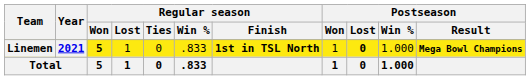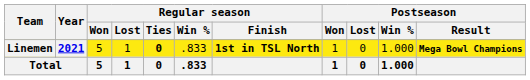 <table class="wikitable" style="font-size: 95%; text-align:center;">
 <tr>
 <th rowspan="2">Team</th>
 <th rowspan="2">Year</th>
 <th colspan="5">Regular season</th>
 <th colspan="4">Postseason</th>
 </tr>
 <tr>
 <th>Won</th>
 <th>Lost</th>
 <th>Ties</th>
 <th>Win %</th>
 <th>Finish</th>
 <th>Won</th>
 <th>Lost</th>
 <th>Win %</th>
 <th>Result</th>
 </tr>
 <tr ! style="background:#FDE910;">
 <th>Linemen</th>
 <th><a href='#'>2021</a></th>
-<td><strong>5</strong></td>
+<td>5</td>
 <td>1</td>
-<td>0</td>
+<td><strong>0</strong></td>
 <td>.833</td>
 <td><strong>1st in TSL North</strong></td>
 <td>1</td>
-<td><strong>0</strong></td>
+<td>0</td>
 <td>1.000</td>
 <td><small><strong>Mega Bowl Champions</strong></small></td>
 </tr>
 <tr>
 <th colspan="2">Total</th>
 <th>5</th>
 <th>1</th>
 <th>0</th>
 <th>.833</th>
 <th></th>
 <th>1</th>
 <th>0</th>
 <th>1.000</th>
 <th></th>
 </tr>
 </table>
